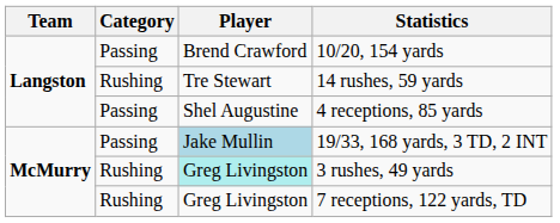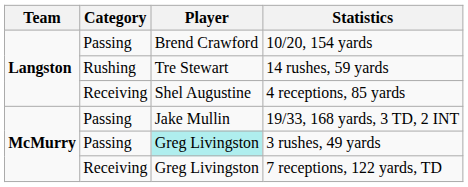 <table class="wikitable" style="float: left;">
 <tr>
 <th>Team</th>
 <th>Category</th>
 <th>Player</th>
 <th>Statistics</th>
 </tr>
 <tr>
 <td rowspan=3><strong>Langston</strong></td>
 <td>Passing</td>
 <td>Brend Crawford</td>
 <td>10/20, 154 yards</td>
 </tr>
 <tr>
 <td>Rushing</td>
 <td>Tre Stewart</td>
 <td>14 rushes, 59 yards</td>
 </tr>
 <tr>
-<td>Passing</td>
+<td>Receiving</td>
 <td>Shel Augustine</td>
 <td>4 receptions, 85 yards</td>
 </tr>
 <tr>
 <td rowspan=3><strong>McMurry</strong></td>
 <td>Passing</td>
-<td style="background: lightblue;">Jake Mullin</td>
+<td>Jake Mullin</td>
 <td>19/33, 168 yards, 3 TD, 2 INT</td>
 </tr>
 <tr>
-<td>Rushing</td>
+<td>Passing</td>
 <td style="background: paleturquoise;">Greg Livingston</td>
 <td>3 rushes, 49 yards</td>
 </tr>
 <tr>
-<td>Rushing</td>
+<td>Receiving</td>
 <td>Greg Livingston</td>
 <td>7 receptions, 122 yards, TD</td>
 </tr>
 </table>
